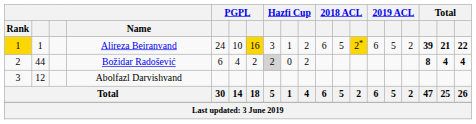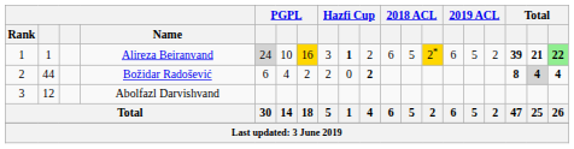 <table class="wikitable sortable" style="text-align:center; font-size:95%;">
 <tr>
 <th colspan="4"></th>
 <th colspan="3"><a href='#'>PGPL</a></th>
 <th colspan="3"><a href='#'>Hazfi Cup</a></th>
 <th colspan="3"><a href='#'>2018 ACL</a></th>
 <th colspan="3"><a href='#'>2019 ACL</a></th>
 <th colspan="3">Total</th>
 </tr>
 <tr>
 <th width=20>Rank</th>
 <th width=20></th>
 <th width=20></th>
 <th width=220>Name</th>
 <th width=20></th>
 <th width=20></th>
 <th width=20></th>
 <th width=20></th>
 <th width=20></th>
 <th width=20></th>
 <th width=20></th>
 <th width=20></th>
 <th width=20></th>
 <th width=20></th>
 <th width=20></th>
 <th width=20></th>
 <th width=20></th>
 <th width=20></th>
 <th width=20></th>
 </tr>
 <tr>
-<td style="background: gold;">1</td>
+<td>1</td>
 <td>1</td>
 <td></td>
 <td><a href='#'>Alireza Beiranvand</a></td>
-<td>24</td>
+<td style="background: lightgrey;">24</td>
 <td>10</td>
 <td style="background:Gold">16</td>
 <td>3</td>
-<td>1</td>
+<td><strong>1</strong></td>
 <td>2</td>
 <td>6</td>
 <td>5</td>
 <td style="background:Gold">2<sup>*</sup></td>
 <td>6</td>
 <td>5</td>
 <td>2</td>
 <td><strong>39</strong></td>
 <td><strong>21</strong></td>
-<td><strong>22</strong></td>
+<td style="background: lightgreen;"><strong>22</strong></td>
 </tr>
 <tr>
 <td>2</td>
 <td>44</td>
 <td></td>
 <td><a href='#'>Božidar Radošević</a></td>
 <td>6</td>
 <td>4</td>
 <td>2</td>
-<td style="background: lightgrey;">2</td>
+<td>2</td>
 <td>0</td>
-<td>2</td>
+<td><strong>2</strong></td>
 <td></td>
 <td></td>
 <td></td>
 <td></td>
 <td></td>
 <td></td>
 <td><strong>8</strong></td>
-<td><strong>4</strong></td>
+<td style="background: lightgrey;"><strong>4</strong></td>
 <td><strong>4</strong></td>
 </tr>
 <tr>
 <td>3</td>
 <td>12</td>
 <td></td>
 <td>Abolfazl Darvishvand</td>
 <td></td>
 <td></td>
 <td></td>
 <td></td>
 <td></td>
 <td></td>
 <td></td>
 <td></td>
 <td></td>
 <td></td>
 <td></td>
 <td></td>
 <td></td>
 <td></td>
 <td></td>
 </tr>
 <tr>
 <th colspan="4">Total</th>
 <th>30</th>
 <th>14</th>
 <th>18</th>
 <th>5</th>
 <th>1</th>
 <th>4</th>
 <th>6</th>
 <th>5</th>
 <th>2</th>
 <th>6</th>
 <th>5</th>
 <th>2</th>
 <th>47</th>
 <th>25</th>
 <th>26</th>
 </tr>
 <tr>
 </tr>
 <tr align=left style="background:#DCDCDC">
 <th colspan="19"><small>Last updated: 3 June 2019</small></th>
 </tr>
 </table>
